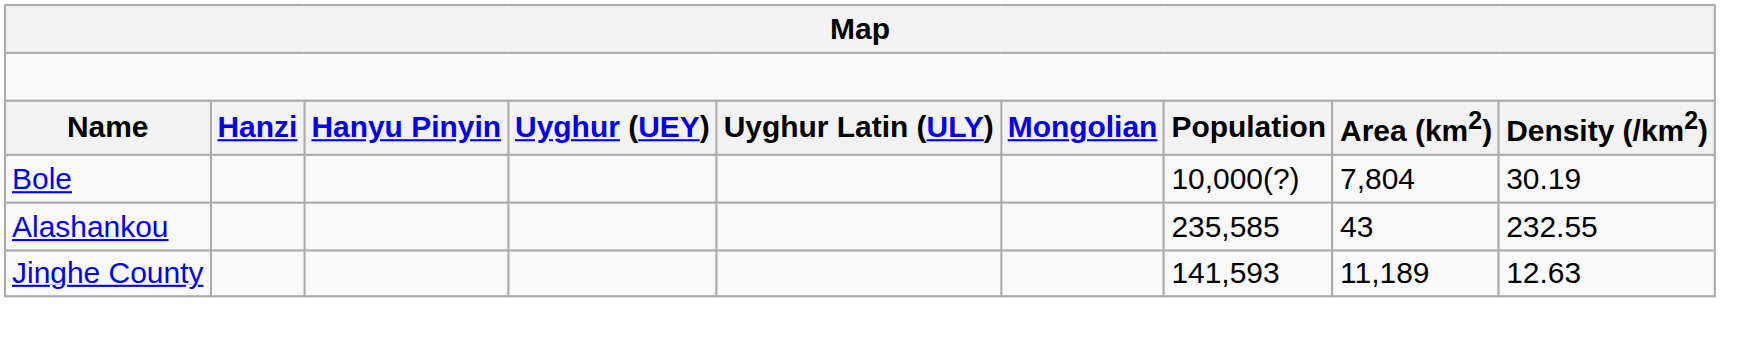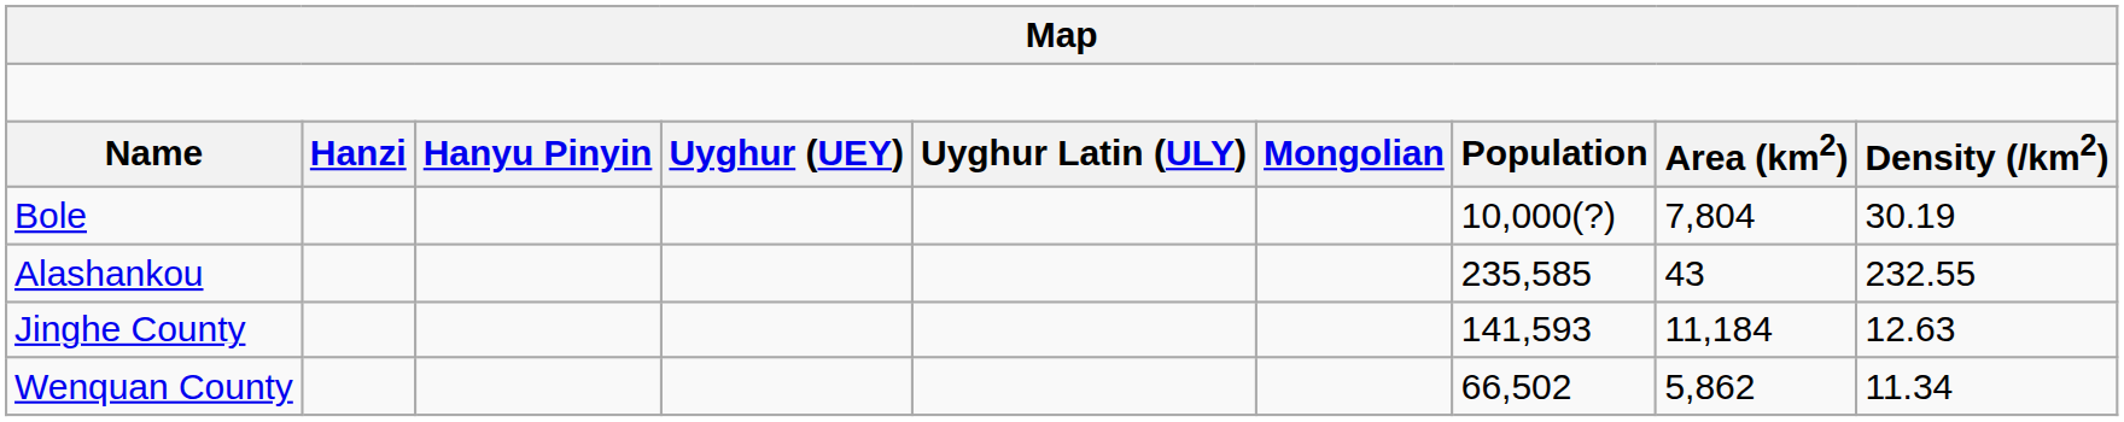 <table class="wikitable"  style="font-size:90%;" align=center>
 <tr>
 <th colspan=9>Map</th>
 </tr>
 <tr>
 <td colspan=9><div><br>       </div></td>
 </tr>
 <tr>
 <th>Name</th>
 <th><a href='#'>Hanzi</a></th>
 <th><a href='#'>Hanyu Pinyin</a></th>
 <th><a href='#'>Uyghur</a> (<a href='#'>UEY</a>)</th>
 <th>Uyghur Latin (<a href='#'>ULY</a>)</th>
 <th><a href='#'>Mongolian</a></th>
 <th>Population </th>
 <th>Area (km<sup>2</sup>)</th>
 <th>Density (/km<sup>2</sup>)</th>
 </tr>
 <tr --------->
 <td><a href='#'>Bole</a></td>
 <td></td>
 <td></td>
 <td style="text-align:right;"></td>
 <td></td>
 <td></td>
 <td>10,000(?)</td>
 <td>7,804</td>
 <td>30.19</td>
 </tr>
 <tr --------->
 <td><a href='#'>Alashankou</a></td>
 <td></td>
 <td></td>
 <td style="text-align:right;"></td>
 <td></td>
 <td></td>
 <td>235,585</td>
 <td>43</td>
 <td>232.55</td>
 </tr>
 <tr --------->
 <td><a href='#'>Jinghe County</a></td>
 <td></td>
 <td></td>
 <td style="text-align:right;"></td>
 <td></td>
 <td></td>
 <td>141,593</td>
-<td>11,189</td>
+<td>11,184</td>
 <td>12.63</td>
 </tr>
+<tr --------->
+<td><a href='#'>Wenquan County</a></td>
+<td></td>
+<td></td>
+<td style="text-align:right;"></td>
+<td></td>
+<td></td>
+<td>66,502</td>
+<td>5,862</td>
+<td>11.34</td>
+</tr>
 </table>
